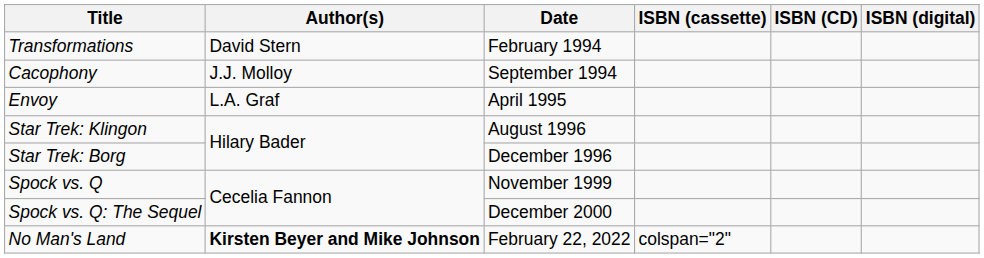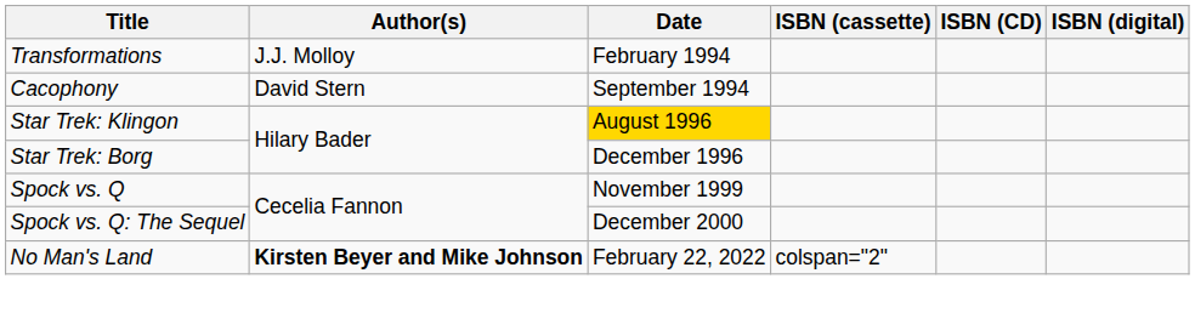 <table class="wikitable">
 <tr>
 <th>Title</th>
 <th>Author(s)</th>
 <th>Date</th>
 <th>ISBN (cassette)</th>
 <th>ISBN (CD)</th>
 <th>ISBN (digital)</th>
 </tr>
 <tr>
 <td><em>Transformations</em></td>
-<td>David Stern</td>
+<td>J.J. Molloy</td>
 <td>February 1994</td>
 <td></td>
 <td></td>
 <td></td>
 </tr>
 <tr>
 <td><em>Cacophony</em></td>
-<td>J.J. Molloy</td>
+<td>David Stern</td>
 <td>September 1994</td>
-<td></td>
-<td></td>
-<td></td>
-</tr>
-<tr>
-<td><em>Envoy</em></td>
-<td>L.A. Graf</td>
-<td>April 1995</td>
 <td></td>
 <td></td>
 <td></td>
 </tr>
 <tr>
 <td><em>Star Trek: Klingon</em></td>
 <td rowspan="2">Hilary Bader</td>
-<td>August 1996</td>
+<td style="background: gold;">August 1996</td>
 <td></td>
 <td></td>
 <td></td>
 </tr>
 <tr>
 <td><em>Star Trek:</em> <em>Borg</em></td>
 <td>December 1996</td>
 <td></td>
 <td></td>
 <td></td>
 </tr>
 <tr>
 <td><em>Spock vs. Q</em></td>
 <td rowspan="2">Cecelia Fannon</td>
 <td>November 1999</td>
 <td></td>
 <td></td>
 <td></td>
 </tr>
 <tr>
 <td><em>Spock vs. Q: The Sequel</em></td>
 <td>December 2000</td>
 <td></td>
 <td></td>
 <td></td>
 </tr>
 <tr>
 <td><em>No Man's Land</em></td>
 <td><strong>Kirsten Beyer and Mike Johnson</strong></td>
 <td>February 22, 2022</td>
 <td>colspan="2" </td>
 <td></td>
 </tr>
 </table>
